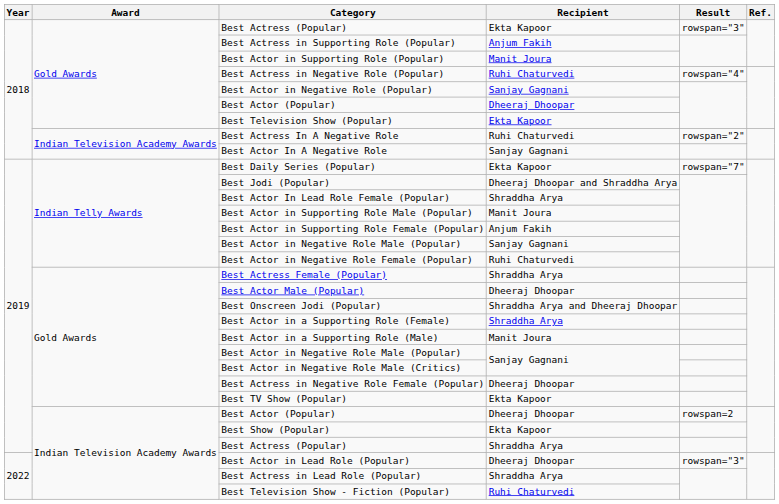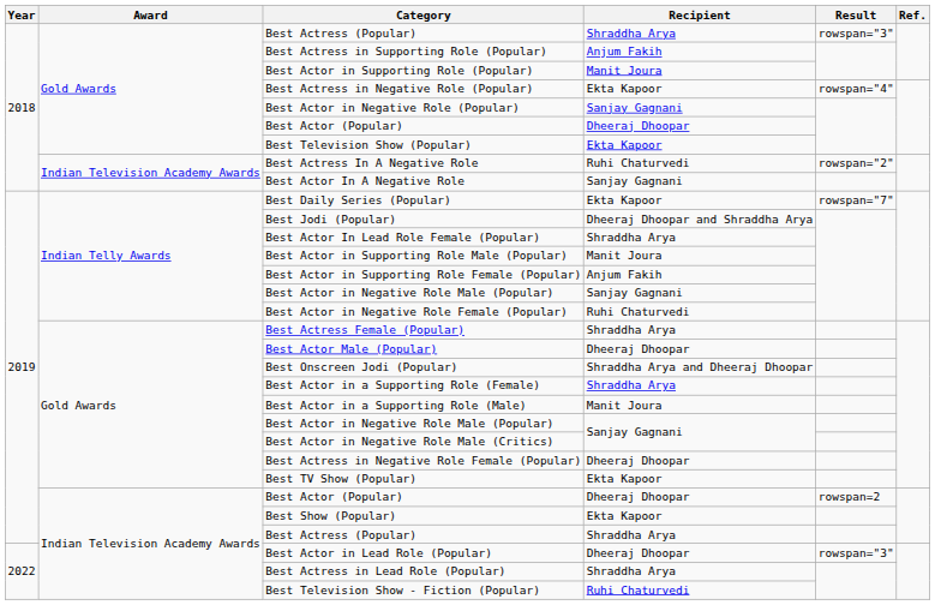 <table class="wikitable">
 <tr>
 <th>Year</th>
 <th>Award</th>
 <th>Category</th>
 <th>Recipient</th>
 <th>Result</th>
 <th>Ref.</th>
 </tr>
 <tr>
 <td rowspan="9">2018</td>
 <td rowspan="7"><a href='#'>Gold Awards</a></td>
 <td>Best Actress (Popular)</td>
-<td>Ekta Kapoor</td>
+<td><a href='#'>Shraddha Arya</a></td>
 <td>rowspan="3" </td>
 <td rowspan="3"></td>
 </tr>
 <tr>
 <td>Best Actress in Supporting Role (Popular)</td>
 <td><a href='#'>Anjum Fakih</a></td>
 </tr>
 <tr>
 <td>Best Actor in Supporting Role (Popular)</td>
 <td><a href='#'>Manit Joura</a></td>
 </tr>
 <tr>
 <td>Best Actress in Negative Role (Popular)</td>
-<td><a href='#'>Ruhi Chaturvedi</a></td>
+<td>Ekta Kapoor</td>
 <td>rowspan="4" </td>
 <td rowspan="4"></td>
 </tr>
 <tr>
 <td>Best Actor in Negative Role (Popular)</td>
 <td><a href='#'>Sanjay Gagnani</a></td>
 </tr>
 <tr>
 <td>Best Actor (Popular)</td>
 <td><a href='#'>Dheeraj Dhoopar</a></td>
 </tr>
 <tr>
 <td>Best Television Show (Popular)</td>
 <td><a href='#'>Ekta Kapoor</a></td>
 </tr>
 <tr>
 <td rowspan="2"><a href='#'>Indian Television Academy Awards</a></td>
 <td>Best Actress In A Negative Role</td>
 <td>Ruhi Chaturvedi</td>
 <td>rowspan="2" </td>
 <td rowspan="2"></td>
 </tr>
 <tr>
 <td>Best Actor In A Negative Role</td>
 <td>Sanjay Gagnani</td>
 </tr>
 <tr>
 <td rowspan="19">2019</td>
 <td rowspan="7"><a href='#'>Indian Telly Awards</a></td>
 <td>Best Daily Series (Popular)</td>
 <td>Ekta Kapoor</td>
 <td>rowspan="7" </td>
 <td rowspan=7></td>
 </tr>
 <tr>
 <td>Best Jodi (Popular)</td>
 <td>Dheeraj Dhoopar and Shraddha Arya</td>
 </tr>
 <tr>
 <td>Best Actor In Lead Role Female (Popular)</td>
 <td>Shraddha Arya</td>
 </tr>
 <tr>
 <td>Best Actor in Supporting Role Male (Popular)</td>
 <td>Manit Joura</td>
 </tr>
 <tr>
 <td>Best Actor in Supporting Role Female (Popular)</td>
 <td>Anjum Fakih</td>
 </tr>
 <tr>
 <td>Best Actor in Negative Role Male (Popular)</td>
 <td>Sanjay Gagnani</td>
 </tr>
 <tr>
 <td>Best Actor in Negative Role Female (Popular)</td>
 <td>Ruhi Chaturvedi</td>
 </tr>
 <tr>
 <td rowspan=9>Gold Awards</td>
 <td><a href='#'>Best Actress Female (Popular)</a></td>
 <td>Shraddha Arya</td>
 <td></td>
 <td rowspan=9></td>
 </tr>
 <tr>
 <td><a href='#'>Best Actor Male (Popular)</a></td>
 <td>Dheeraj Dhoopar</td>
 <td></td>
 </tr>
 <tr>
 <td>Best Onscreen Jodi (Popular)</td>
 <td>Shraddha Arya and Dheeraj Dhoopar</td>
 <td></td>
 </tr>
 <tr>
 <td>Best Actor in a Supporting Role (Female)</td>
 <td><a href='#'>Shraddha Arya</a></td>
 <td></td>
 </tr>
 <tr>
 <td>Best Actor in a Supporting Role (Male)</td>
 <td>Manit Joura</td>
 <td></td>
 </tr>
 <tr>
 <td>Best Actor in Negative Role Male (Popular)</td>
 <td rowspan=2>Sanjay Gagnani</td>
 <td></td>
 </tr>
 <tr>
 <td>Best Actor in Negative Role Male (Critics)</td>
 <td></td>
 </tr>
 <tr>
 <td>Best Actress in Negative Role Female (Popular)</td>
 <td>Dheeraj Dhoopar</td>
 <td></td>
 </tr>
 <tr>
 <td>Best TV Show (Popular)</td>
 <td>Ekta Kapoor</td>
 <td></td>
 </tr>
 <tr>
 <td rowspan="6">Indian Television Academy Awards</td>
 <td>Best Actor (Popular)</td>
 <td>Dheeraj Dhoopar</td>
 <td>rowspan=2 </td>
 <td rowspan="3"></td>
 </tr>
 <tr>
 <td>Best Show (Popular)</td>
 <td>Ekta Kapoor</td>
 </tr>
 <tr>
 <td>Best Actress (Popular)</td>
 <td>Shraddha Arya</td>
 <td></td>
 </tr>
 <tr>
 <td rowspan="3">2022</td>
 <td>Best Actor in Lead Role (Popular)</td>
 <td>Dheeraj Dhoopar</td>
 <td>rowspan="3" </td>
 <td rowspan="3"></td>
 </tr>
 <tr>
 <td>Best Actress in Lead Role (Popular)</td>
 <td>Shraddha Arya</td>
 </tr>
 <tr>
 <td>Best Television Show - Fiction (Popular)</td>
 <td><a href='#'>Ruhi Chaturvedi</a></td>
 </tr>
 </table>
